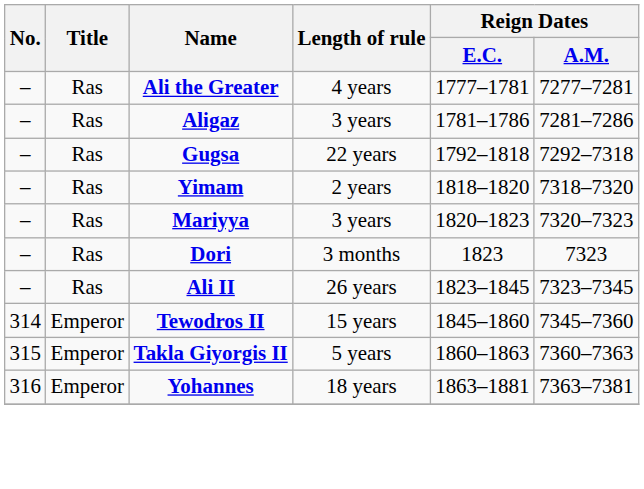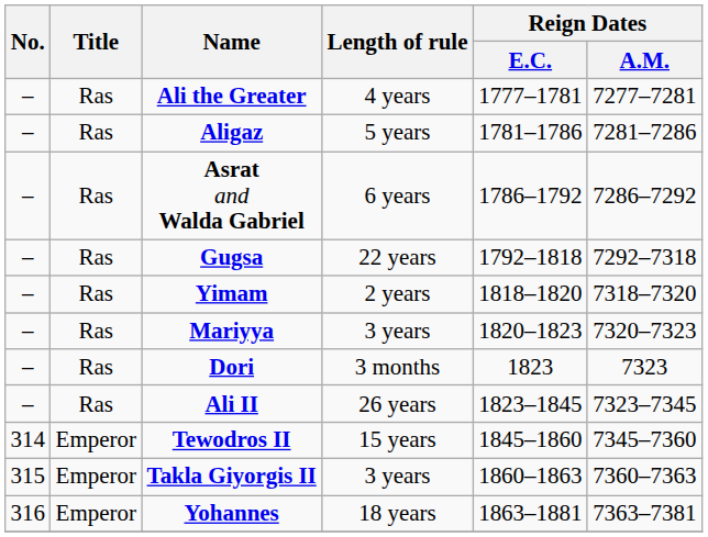 <table class="wikitable" style="text-align:center;">
 <tr>
 <th rowspan="2">No.</th>
 <th rowspan="2">Title</th>
 <th rowspan="2">Name<br></th>
 <th rowspan="2">Length of rule<br></th>
 <th colspan="2">Reign Dates</th>
 </tr>
 <tr>
 <th><a href='#'>E.C.</a></th>
 <th><a href='#'>A.M.</a></th>
 </tr>
 <tr>
 <td>–</td>
 <td>Ras</td>
 <td><strong><a href='#'>Ali the Greater</a></strong></td>
 <td>4 years</td>
 <td>1777–1781</td>
 <td>7277–7281</td>
 </tr>
 <tr>
 <td>–</td>
 <td>Ras</td>
 <td><strong><a href='#'>Aligaz</a></strong></td>
-<td>3 years</td>
+<td>5 years</td>
 <td>1781–1786</td>
 <td>7281–7286</td>
+</tr>
+<tr>
+<td>–</td>
+<td>Ras</td>
+<td><strong>Asrat</strong><br><em>and</em><br><strong>Walda Gabriel</strong></td>
+<td>6 years</td>
+<td>1786–1792</td>
+<td>7286–7292</td>
 </tr>
 <tr>
 <td>–</td>
 <td>Ras</td>
 <td><strong><a href='#'>Gugsa</a></strong></td>
 <td>22 years</td>
 <td>1792–1818</td>
 <td>7292–7318</td>
 </tr>
 <tr>
 <td>–</td>
 <td>Ras</td>
 <td><strong><a href='#'>Yimam</a></strong></td>
 <td>2 years</td>
 <td>1818–1820</td>
 <td>7318–7320</td>
 </tr>
 <tr>
 <td>–</td>
 <td>Ras</td>
 <td><strong><a href='#'>Mariyya</a></strong></td>
 <td>3 years</td>
 <td>1820–1823</td>
 <td>7320–7323</td>
 </tr>
 <tr>
 <td>–</td>
 <td>Ras</td>
 <td><strong><a href='#'>Dori</a></strong></td>
 <td>3 months</td>
 <td>1823</td>
 <td>7323</td>
 </tr>
 <tr>
 <td>–</td>
 <td>Ras</td>
 <td><strong><a href='#'>Ali II</a></strong></td>
 <td>26 years</td>
 <td>1823–1845</td>
 <td>7323–7345</td>
 </tr>
 <tr>
 <td>314</td>
 <td>Emperor</td>
 <td><strong><a href='#'>Tewodros II</a></strong></td>
 <td>15 years</td>
 <td>1845–1860</td>
 <td>7345–7360</td>
 </tr>
 <tr>
 <td>315</td>
 <td>Emperor</td>
 <td><strong><a href='#'>Takla Giyorgis II</a></strong></td>
-<td>5 years</td>
+<td>3 years</td>
 <td>1860–1863</td>
 <td>7360–7363</td>
 </tr>
 <tr>
 <td>316</td>
 <td>Emperor</td>
 <td><strong><a href='#'>Yohannes</a></strong></td>
 <td>18 years</td>
 <td>1863–1881</td>
 <td>7363–7381</td>
 </tr>
 <tr>
 </tr>
 </table>
